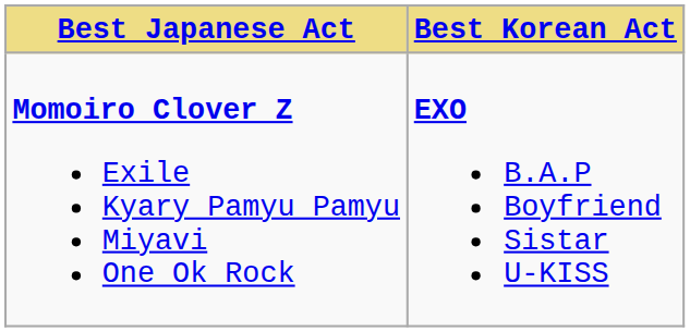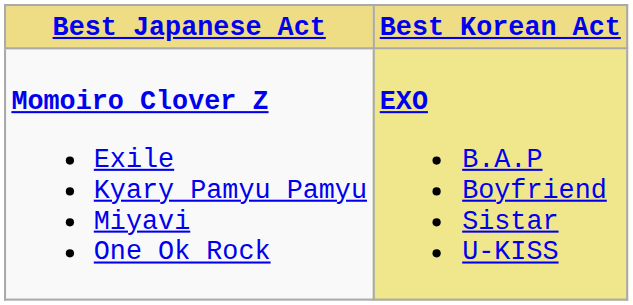 <table class=wikitable style="width=100%">
 <tr>
 <th style="background:#EEDD85; width=50%"><a href='#'>Best Japanese Act</a></th>
 <th style="background:#EEDD85; width=50%"><a href='#'>Best Korean Act</a></th>
 </tr>
 <tr>
 <td valign="top"><br><strong><a href='#'>Momoiro Clover Z</a></strong><ul><li><a href='#'>Exile</a></li><li><a href='#'>Kyary Pamyu Pamyu</a></li><li><a href='#'>Miyavi</a></li><li><a href='#'>One Ok Rock</a></li></ul></td>
-<td valign="top"><br><strong><a href='#'>EXO</a></strong><ul><li><a href='#'>B.A.P</a></li><li><a href='#'>Boyfriend</a></li><li><a href='#'>Sistar</a></li><li><a href='#'>U-KISS</a></li></ul></td>
+<td valign="top" style="background: khaki;"><br><strong><a href='#'>EXO</a></strong><ul><li><a href='#'>B.A.P</a></li><li><a href='#'>Boyfriend</a></li><li><a href='#'>Sistar</a></li><li><a href='#'>U-KISS</a></li></ul></td>
 </tr>
 </table>
